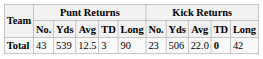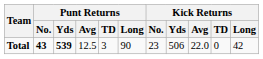 <table class="wikitable" style="white-space:nowrap;">
 <tr>
 <th rowspan="2">Team</th>
 <th colspan="5">Punt Returns</th>
 <th colspan="5">Kick Returns</th>
 </tr>
 <tr>
 <th>No.</th>
 <th>Yds</th>
 <th>Avg</th>
 <th>TD</th>
 <th>Long</th>
 <th>No.</th>
 <th>Yds</th>
 <th>Avg</th>
 <th>TD</th>
 <th>Long</th>
 </tr>
 <tr>
 <td><strong>Total</strong></td>
-<td>43</td>
-<td>539</td>
+<td><strong>43</strong></td>
+<td><strong>539</strong></td>
 <td>12.5</td>
 <td>3</td>
 <td>90</td>
 <td>23</td>
 <td>506</td>
 <td>22.0</td>
-<td><strong>0</strong></td>
+<td>0</td>
 <td>42</td>
 </tr>
 </table>
